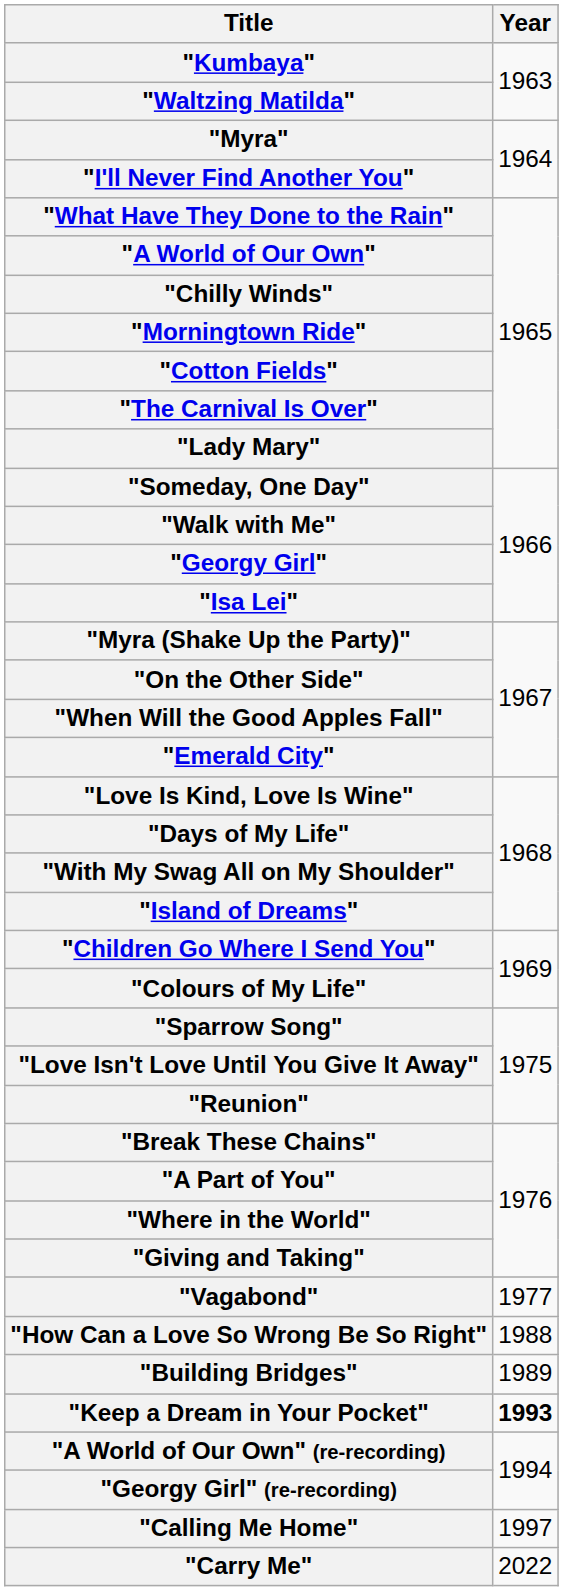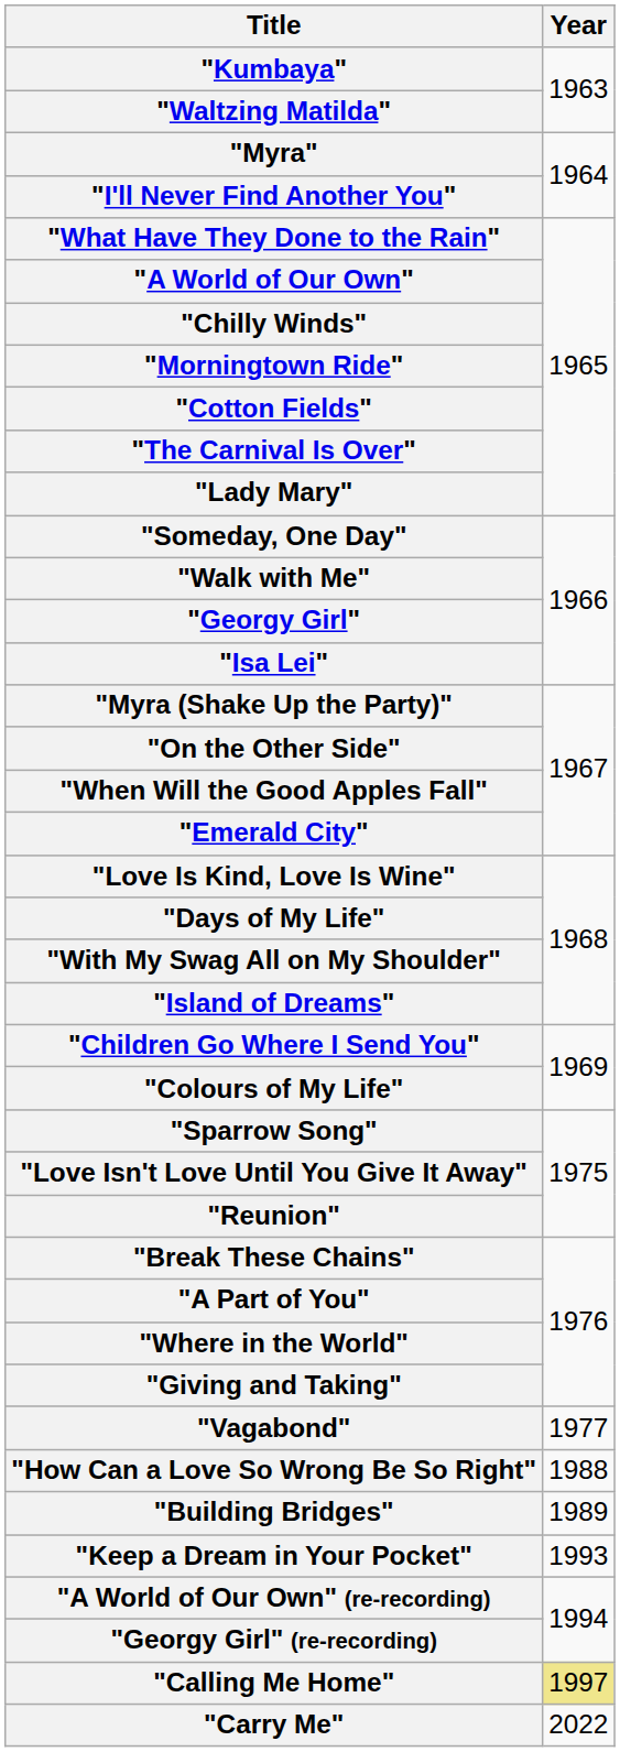 <table class="wikitable">
 <tr>
 <th>Title</th>
 <th>Year</th>
 </tr>
 <tr>
 <th>"<a href='#'>Kumbaya</a>"</th>
 <td rowspan="2">1963</td>
 </tr>
 <tr>
 <th>"<a href='#'>Waltzing Matilda</a>"</th>
 </tr>
 <tr>
 <th>"Myra"</th>
 <td rowspan="2">1964</td>
 </tr>
 <tr>
 <th>"<a href='#'>I'll Never Find Another You</a>"</th>
 </tr>
 <tr>
 <th>"<a href='#'>What Have They Done to the Rain</a>"</th>
 <td rowspan="7">1965</td>
 </tr>
 <tr>
 <th>"<a href='#'>A World of Our Own</a>"</th>
 </tr>
 <tr>
 <th>"Chilly Winds"</th>
 </tr>
 <tr>
 <th>"<a href='#'>Morningtown Ride</a>"</th>
 </tr>
 <tr>
 <th>"<a href='#'>Cotton Fields</a>"</th>
 </tr>
 <tr>
 <th>"<a href='#'>The Carnival Is Over</a>"</th>
 </tr>
 <tr>
 <th>"Lady Mary"</th>
 </tr>
 <tr>
 <th>"Someday, One Day"</th>
 <td rowspan="4">1966</td>
 </tr>
 <tr>
 <th>"Walk with Me"</th>
 </tr>
 <tr>
 <th>"<a href='#'>Georgy Girl</a>"</th>
 </tr>
 <tr>
 <th>"<a href='#'>Isa Lei</a>"</th>
 </tr>
 <tr>
 <th>"Myra (Shake Up the Party)"</th>
 <td rowspan="4">1967</td>
 </tr>
 <tr>
 <th>"On the Other Side"</th>
 </tr>
 <tr>
 <th>"When Will the Good Apples Fall"</th>
 </tr>
 <tr>
 <th>"<a href='#'>Emerald City</a>"</th>
 </tr>
 <tr>
 <th>"Love Is Kind, Love Is Wine"</th>
 <td rowspan="4">1968</td>
 </tr>
 <tr>
 <th>"Days of My Life"</th>
 </tr>
 <tr>
 <th>"With My Swag All on My Shoulder"</th>
 </tr>
 <tr>
 <th>"<a href='#'>Island of Dreams</a>"</th>
 </tr>
 <tr>
 <th>"<a href='#'>Children Go Where I Send You</a>"</th>
 <td rowspan="2">1969</td>
 </tr>
 <tr>
 <th>"Colours of My Life"</th>
 </tr>
 <tr>
 <th>"Sparrow Song"</th>
 <td rowspan="3">1975</td>
 </tr>
 <tr>
 <th>"Love Isn't Love Until You Give It Away"</th>
 </tr>
 <tr>
 <th>"Reunion"</th>
 </tr>
 <tr>
 <th>"Break These Chains"</th>
 <td rowspan="4">1976</td>
 </tr>
 <tr>
 <th>"A Part of You"</th>
 </tr>
 <tr>
 <th>"Where in the World"</th>
 </tr>
 <tr>
 <th>"Giving and Taking"</th>
 </tr>
 <tr>
 <th>"Vagabond"</th>
 <td>1977</td>
 </tr>
 <tr>
 <th>"How Can a Love So Wrong Be So Right"</th>
 <td>1988</td>
 </tr>
 <tr>
 <th>"Building Bridges"</th>
 <td>1989</td>
 </tr>
 <tr>
 <th>"Keep a Dream in Your Pocket"</th>
-<td><strong>1993</strong></td>
+<td>1993</td>
 </tr>
 <tr>
 <th>"A World of Our Own" <small>(re-recording)</small></th>
 <td rowspan="2">1994</td>
 </tr>
 <tr>
 <th>"Georgy Girl" <small>(re-recording)</small></th>
 </tr>
 <tr>
 <th>"Calling Me Home"</th>
-<td>1997</td>
+<td style="background: khaki;">1997</td>
 </tr>
 <tr>
 <th>"Carry Me"</th>
 <td>2022</td>
 </tr>
 </table>
